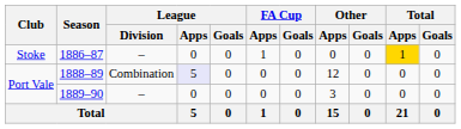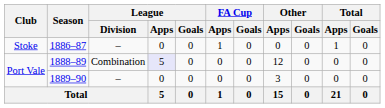 <table class="wikitable" style="text-align:center">
 <tr>
 <th rowspan="2">Club</th>
 <th rowspan="2">Season</th>
 <th colspan="3">League</th>
 <th colspan="2"><a href='#'>FA Cup</a></th>
 <th colspan="2">Other</th>
 <th colspan="2">Total</th>
 </tr>
 <tr>
 <th>Division</th>
 <th>Apps</th>
 <th>Goals</th>
 <th>Apps</th>
 <th>Goals</th>
 <th>Apps</th>
 <th>Goals</th>
 <th>Apps</th>
 <th>Goals</th>
 </tr>
 <tr>
 <td><a href='#'>Stoke</a></td>
 <td><a href='#'>1886–87</a></td>
 <td>–</td>
 <td>0</td>
 <td>0</td>
 <td>1</td>
 <td>0</td>
 <td>0</td>
 <td>0</td>
-<td style="background: gold;">1</td>
+<td>1</td>
 <td>0</td>
 </tr>
 <tr>
 <td rowspan="2"><a href='#'>Port Vale</a></td>
 <td><a href='#'>1888–89</a></td>
 <td>Combination</td>
 <td style="background: lavender;">5</td>
 <td>0</td>
 <td>0</td>
 <td>0</td>
 <td>12</td>
 <td>0</td>
 <td>0</td>
 <td>0</td>
 </tr>
 <tr>
 <td><a href='#'>1889–90</a></td>
 <td>–</td>
 <td>0</td>
 <td>0</td>
 <td>0</td>
 <td>0</td>
 <td>3</td>
 <td>0</td>
 <td>0</td>
 <td>0</td>
 </tr>
 <tr>
 <th colspan="3">Total</th>
 <th>5</th>
 <th>0</th>
 <th>1</th>
 <th>0</th>
 <th>15</th>
 <th>0</th>
 <th>21</th>
 <th>0</th>
 </tr>
 </table>
